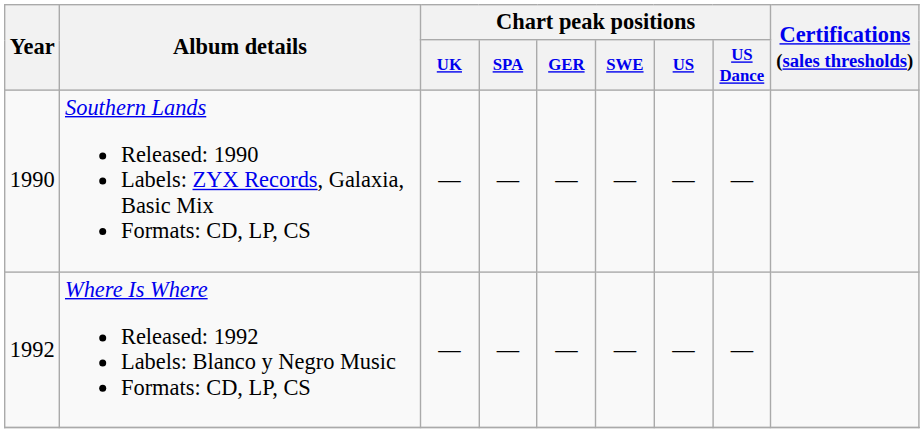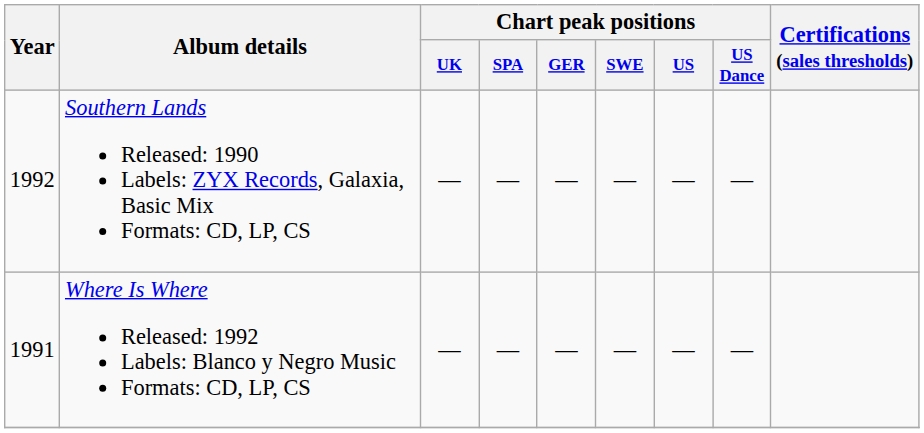 <table class="wikitable">
 <tr>
 <th rowspan="2">Year</th>
 <th rowspan="2" style="width:250px;">Album details</th>
 <th colspan="6">Chart peak positions</th>
 <th rowspan="2"><a href='#'>Certifications</a><br><small>(<a href='#'>sales thresholds</a>)</small></th>
 </tr>
 <tr>
 <th style="width:3em;font-size:75%;"><a href='#'>UK</a></th>
 <th style="width:3em;font-size:75%;"><a href='#'>SPA</a><br></th>
 <th style="width:3em;font-size:75%;"><a href='#'>GER</a></th>
 <th style="width:3em;font-size:75%;"><a href='#'>SWE</a></th>
 <th style="width:3em;font-size:75%;"><a href='#'>US</a></th>
 <th style="width:3em;font-size:75%;"><a href='#'>US Dance</a><br></th>
 </tr>
 <tr>
-<td>1990</td>
+<td>1992</td>
 <td><em><a href='#'>Southern Lands</a></em><br><ul><li>Released: 1990</li><li>Labels: <a href='#'>ZYX Records</a>, Galaxia, Basic Mix</li><li>Formats: CD, LP, CS</li></ul></td>
 <td align="center">—</td>
 <td align="center">—</td>
 <td align="center">—</td>
 <td align="center">—</td>
 <td align="center">—</td>
 <td align="center">—</td>
 <td></td>
 </tr>
 <tr>
-<td>1992</td>
+<td>1991</td>
 <td><em><a href='#'>Where Is Where</a></em><br><ul><li>Released: 1992</li><li>Labels: Blanco y Negro Music</li><li>Formats: CD, LP, CS</li></ul></td>
 <td align="center">—</td>
 <td align="center">—</td>
 <td align="center">—</td>
 <td align="center">—</td>
 <td align="center">—</td>
 <td align="center">—</td>
 <td></td>
 </tr>
 <tr>
 </tr>
 </table>
